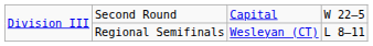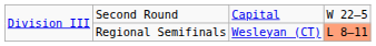 <table class="wikitable">
 <tr>
 <td rowspan="5"><a href='#'>Division III</a></td>
 <td>Second Round</td>
 <td><a href='#'>Capital</a></td>
 <td>W 22–5</td>
 </tr>
 <tr>
 <td>Regional Semifinals</td>
 <td><a href='#'>Wesleyan (CT)</a></td>
-<td>L 8–11</td>
+<td style="background: lightsalmon;">L 8–11</td>
 </tr>
 </table>
